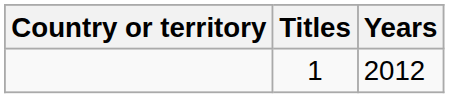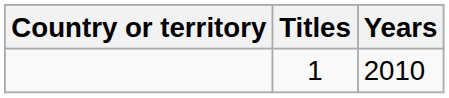 <table class="wikitable" style="font-size:95%;">
 <tr>
 <th>Country or territory</th>
 <th>Titles</th>
 <th>Years</th>
 </tr>
 <tr>
 <td></td>
 <td rowspan="2" style="text-align:center;">1</td>
-<td>2012</td>
+<td>2010</td>
 </tr>
 </table>
